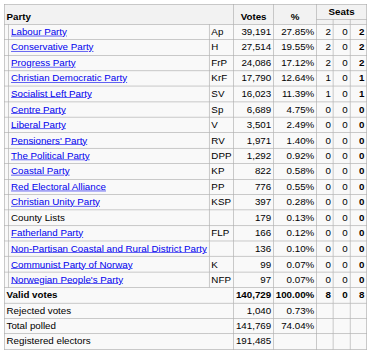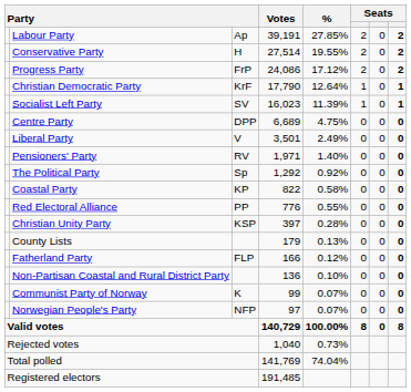 <table class="wikitable" border="1" style="text-align:right;">
 <tr>
 <th style="text-align:left;" valign=bottom rowspan=2 colspan=3>Party</th>
 <th align=center valign=bottom rowspan=2 width="50">Votes</th>
 <th align=center valign=bottom rowspan=2 width="50">%</th>
 <th colspan=3>Seats</th>
 </tr>
 <tr>
 <th align=center valign=bottom width="20"><small></small></th>
 <th align=center valign=bottom width="20"><small><a href='#'></a></small></th>
 <th align=center valign=bottom width="20"><small></small></th>
 </tr>
 <tr>
 <td style="color:inherit;background:"></td>
 <td align=left><a href='#'>Labour Party</a></td>
 <td align=left>Ap</td>
 <td>39,191</td>
 <td>27.85%</td>
 <td>2</td>
 <td>0</td>
 <td><strong>2</strong></td>
 </tr>
 <tr>
 <td style="color:inherit;background:"></td>
 <td align=left><a href='#'>Conservative Party</a></td>
 <td align=left>H</td>
 <td>27,514</td>
 <td>19.55%</td>
 <td>2</td>
 <td>0</td>
 <td><strong>2</strong></td>
 </tr>
 <tr>
 <td style="color:inherit;background:"></td>
 <td align=left><a href='#'>Progress Party</a></td>
 <td align=left>FrP</td>
 <td>24,086</td>
 <td>17.12%</td>
 <td>2</td>
 <td>0</td>
 <td><strong>2</strong></td>
 </tr>
 <tr>
 <td style="color:inherit;background:"></td>
 <td align=left><a href='#'>Christian Democratic Party</a></td>
 <td align=left>KrF</td>
 <td>17,790</td>
 <td>12.64%</td>
 <td>1</td>
 <td>0</td>
 <td><strong>1</strong></td>
 </tr>
 <tr>
 <td style="color:inherit;background:"></td>
 <td align=left><a href='#'>Socialist Left Party</a></td>
 <td align=left>SV</td>
 <td>16,023</td>
 <td>11.39%</td>
 <td>1</td>
 <td>0</td>
 <td><strong>1</strong></td>
 </tr>
 <tr>
 <td style="color:inherit;background:"></td>
 <td align=left><a href='#'>Centre Party</a></td>
-<td align=left>Sp</td>
+<td align=left>DPP</td>
 <td>6,689</td>
 <td>4.75%</td>
 <td>0</td>
 <td>0</td>
 <td><strong>0</strong></td>
 </tr>
 <tr>
 <td style="color:inherit;background:"></td>
 <td align=left><a href='#'>Liberal Party</a></td>
 <td align=left>V</td>
 <td>3,501</td>
 <td>2.49%</td>
 <td>0</td>
 <td>0</td>
 <td><strong>0</strong></td>
 </tr>
 <tr>
 <td style="color:inherit;background:"></td>
 <td align=left><a href='#'>Pensioners' Party</a></td>
 <td align=left>RV</td>
 <td>1,971</td>
 <td>1.40%</td>
 <td>0</td>
 <td>0</td>
 <td><strong>0</strong></td>
 </tr>
 <tr>
 <td style="color:inherit;background:"></td>
 <td align=left><a href='#'>The Political Party</a></td>
-<td align=left>DPP</td>
+<td align=left>Sp</td>
 <td>1,292</td>
 <td>0.92%</td>
 <td>0</td>
 <td>0</td>
 <td><strong>0</strong></td>
 </tr>
 <tr>
 <td style="color:inherit;background:"></td>
 <td align=left><a href='#'>Coastal Party</a></td>
 <td align=left>KP</td>
 <td>822</td>
 <td>0.58%</td>
 <td>0</td>
 <td>0</td>
 <td><strong>0</strong></td>
 </tr>
 <tr>
 <td style="color:inherit;background:"></td>
 <td align=left><a href='#'>Red Electoral Alliance</a></td>
 <td align=left>PP</td>
 <td>776</td>
 <td>0.55%</td>
 <td>0</td>
 <td>0</td>
 <td><strong>0</strong></td>
 </tr>
 <tr>
 <td style="color:inherit;background:"></td>
 <td align=left><a href='#'>Christian Unity Party</a></td>
 <td align=left>KSP</td>
 <td>397</td>
 <td>0.28%</td>
 <td>0</td>
 <td>0</td>
 <td><strong>0</strong></td>
 </tr>
 <tr>
 <td></td>
 <td align=left>County Lists</td>
 <td align=left></td>
 <td>179</td>
 <td>0.13%</td>
 <td>0</td>
 <td>0</td>
 <td><strong>0</strong></td>
 </tr>
 <tr>
 <td style="color:inherit;background:"></td>
 <td align=left><a href='#'>Fatherland Party</a></td>
 <td align=left>FLP</td>
 <td>166</td>
 <td>0.12%</td>
 <td>0</td>
 <td>0</td>
 <td><strong>0</strong></td>
 </tr>
 <tr>
 <td></td>
 <td align=left><a href='#'>Non-Partisan Coastal and Rural District Party</a></td>
 <td align=left></td>
 <td>136</td>
 <td>0.10%</td>
 <td>0</td>
 <td>0</td>
 <td><strong>0</strong></td>
 </tr>
 <tr>
 <td style="color:inherit;background:"></td>
 <td align=left><a href='#'>Communist Party of Norway</a></td>
 <td align=left>K</td>
 <td>99</td>
 <td>0.07%</td>
 <td>0</td>
 <td>0</td>
 <td><strong>0</strong></td>
 </tr>
 <tr>
 <td style="color:inherit;background:"></td>
 <td align=left><a href='#'>Norwegian People's Party</a></td>
 <td align=left>NFP</td>
 <td>97</td>
 <td>0.07%</td>
 <td>0</td>
 <td>0</td>
 <td><strong>0</strong></td>
 </tr>
 <tr style="font-weight:bold">
 <td align=left colspan=3>Valid votes</td>
 <td>140,729</td>
 <td>100.00%</td>
 <td>8</td>
 <td>0</td>
 <td>8</td>
 </tr>
 <tr>
 <td align=left colspan=3>Rejected votes</td>
 <td>1,040</td>
 <td>0.73%</td>
 <td></td>
 <td></td>
 <td></td>
 </tr>
 <tr>
 <td align=left colspan=3>Total polled</td>
 <td>141,769</td>
 <td>74.04%</td>
 <td></td>
 <td></td>
 <td></td>
 </tr>
 <tr>
 <td align=left colspan=3>Registered electors</td>
 <td>191,485</td>
 <td></td>
 <td></td>
 <td></td>
 <td></td>
 </tr>
 </table>
